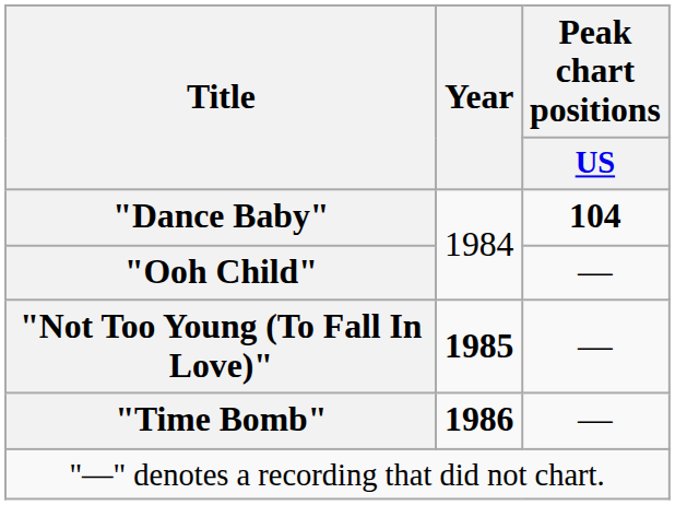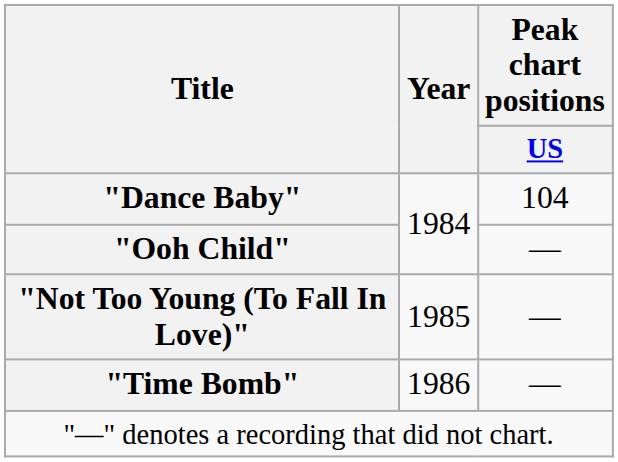 <table class="wikitable plainrowheaders" style="text-align:center;">
 <tr>
 <th scope="col" rowspan="2" style="width:12em;">Title</th>
 <th scope="col" rowspan="2">Year</th>
 <th scope="col">Peak chart positions</th>
 </tr>
 <tr>
 <th scope="col" style="width:2.5em;font-size:90%;"><a href='#'>US</a></th>
 </tr>
 <tr>
 <th scope="row">"Dance Baby"</th>
 <td rowspan="2">1984</td>
-<td><strong>104</strong></td>
+<td>104</td>
 </tr>
 <tr>
 <th scope="row">"Ooh Child"</th>
 <td>—</td>
 </tr>
 <tr>
 <th scope="row">"Not Too Young (To Fall In Love)"</th>
-<td><strong>1985</strong></td>
+<td>1985</td>
 <td>—</td>
 </tr>
 <tr>
 <th scope="row">"Time Bomb"</th>
-<td><strong>1986</strong></td>
+<td>1986</td>
 <td>—</td>
 </tr>
 <tr>
 <td colspan="3" style="font-size:90%">"—" denotes a recording that did not chart.</td>
 </tr>
 </table>
